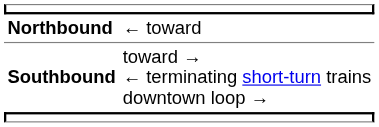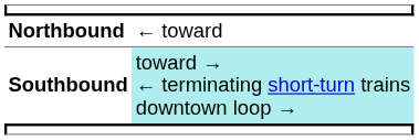 <table table border=0 cellspacing=0 cellpadding=3>
 <tr>
 <td style="border-bottom:solid 2px black;border-right:solid 2px black;border-left:solid 2px black;border-top:solid 1px gray;text-align:center;" colspan=2></td>
 </tr>
 <tr>
 <td style="border-bottom:solid 1px gray;"><strong>Northbound </strong></td>
 <td style="border-bottom:solid 1px gray;">← <strong></strong> toward  </td>
 </tr>
 <tr>
 <td><strong>Southbound</strong></td>
-<td> <strong></strong> toward   →<br>← <strong></strong> terminating <a href='#'>short-turn</a> trains<br> <strong></strong> downtown loop  →</td>
+<td style="background: paleturquoise;"> <strong></strong> toward   →<br>← <strong></strong> terminating <a href='#'>short-turn</a> trains<br> <strong></strong> downtown loop  →</td>
 </tr>
 <tr>
 <td style="border-top:solid 2px black;border-right:solid 2px black;border-left:solid 2px black;border-bottom:solid 1px gray;text-align:center;" colspan=2></td>
 </tr>
 </table>
